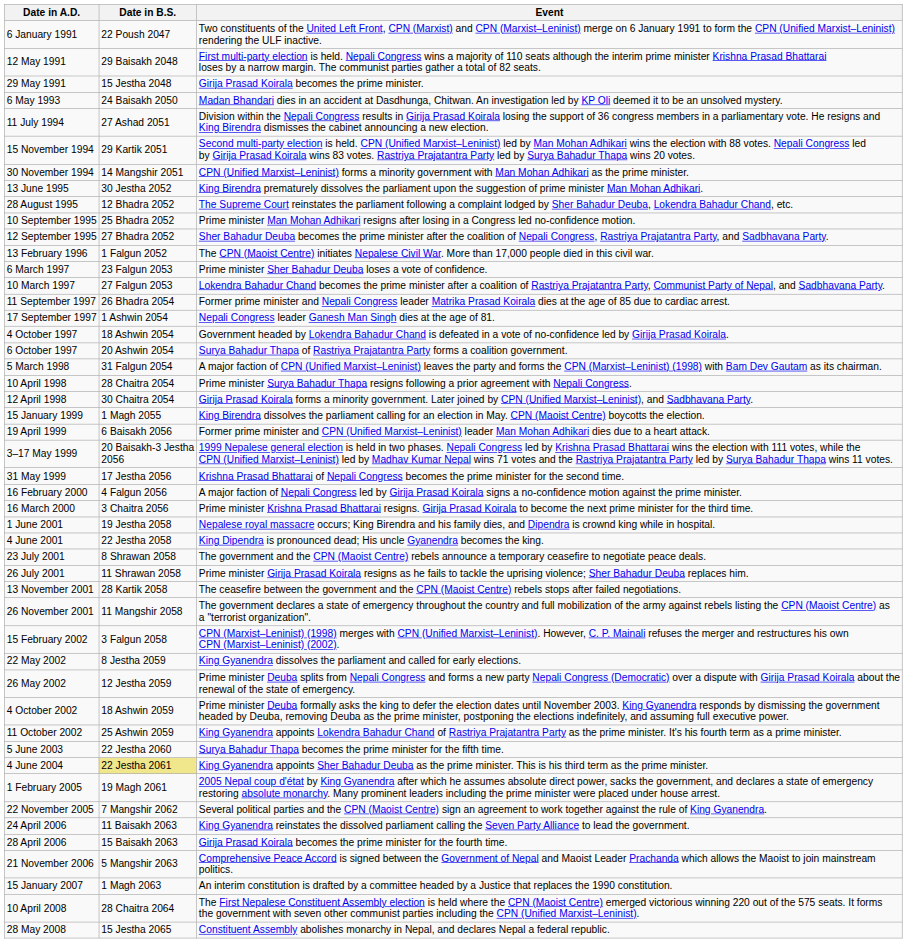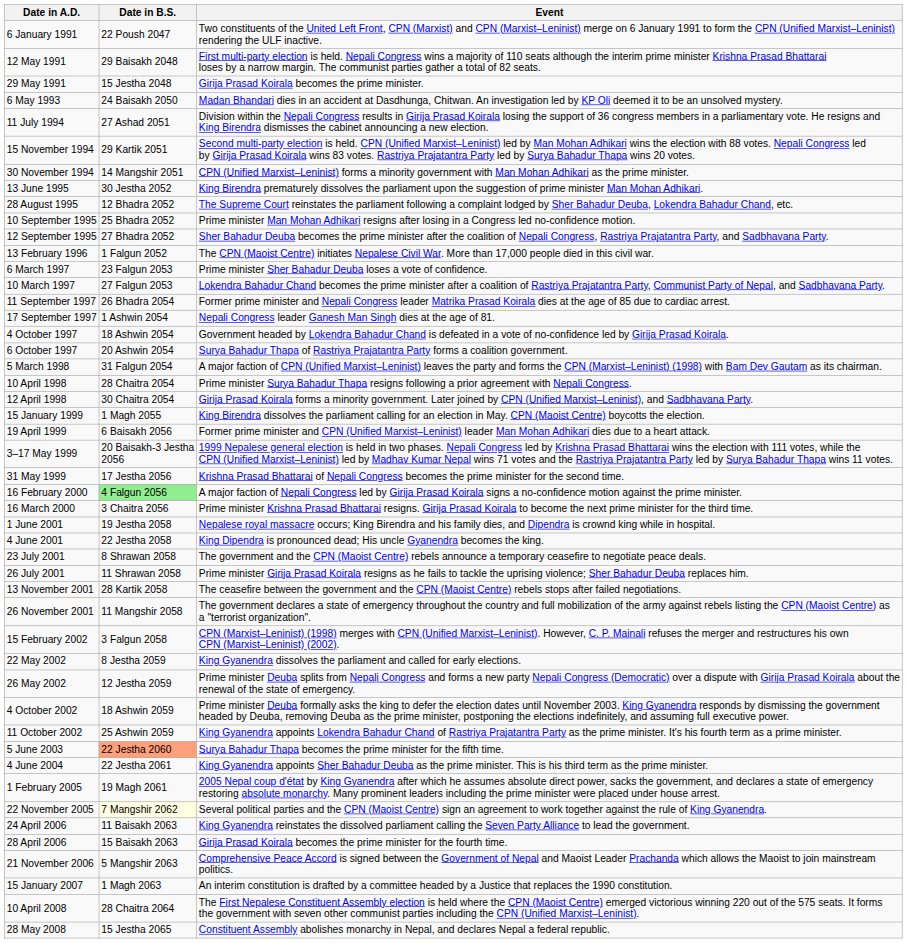 <table class="wikitable">
 <tr>
 <th>Date in A.D.</th>
 <th>Date in B.S.</th>
 <th>Event</th>
 </tr>
 <tr>
 <td>6 January 1991</td>
 <td>22 Poush 2047</td>
 <td>Two constituents of the <a href='#'>United Left Front</a>, <a href='#'>CPN (Marxist)</a> and <a href='#'>CPN (Marxist–Leninist)</a> merge on 6 January 1991 to form the <a href='#'>CPN (Unified Marxist–Leninist)</a><br>rendering the ULF inactive.</td>
 </tr>
 <tr>
 <td>12 May 1991</td>
 <td>29 Baisakh 2048</td>
 <td><a href='#'>First multi-party election</a> is held. <a href='#'>Nepali Congress</a> wins a majority of 110 seats although the interim prime minister <a href='#'>Krishna Prasad Bhattarai</a><br>loses by a narrow margin. The communist parties gather a total of 82 seats.</td>
 </tr>
 <tr>
 <td>29 May 1991</td>
 <td>15 Jestha 2048</td>
 <td><a href='#'>Girija Prasad Koirala</a> becomes the prime minister.</td>
 </tr>
 <tr>
 <td>6 May 1993</td>
 <td>24 Baisakh 2050</td>
 <td><a href='#'>Madan Bhandari</a> dies in an accident at Dasdhunga, Chitwan. An investigation led by <a href='#'>KP Oli</a> deemed it to be an unsolved mystery.</td>
 </tr>
 <tr>
 <td>11 July 1994</td>
 <td>27 Ashad 2051</td>
 <td>Division within the <a href='#'>Nepali Congress</a> results in <a href='#'>Girija Prasad Koirala</a> losing the support of 36 congress members in a parliamentary vote. He resigns and<br><a href='#'>King Birendra</a> dismisses the cabinet announcing a new election.</td>
 </tr>
 <tr>
 <td>15 November 1994</td>
 <td>29 Kartik 2051</td>
 <td><a href='#'>Second multi-party election</a> is held. <a href='#'>CPN (Unified Marxist–Leninist)</a> led by <a href='#'>Man Mohan Adhikari</a> wins the election with 88 votes. <a href='#'>Nepali Congress</a> led<br>by <a href='#'>Girija Prasad Koirala</a> wins 83 votes. <a href='#'>Rastriya Prajatantra Party</a> led by <a href='#'>Surya Bahadur Thapa</a> wins 20 votes.</td>
 </tr>
 <tr>
 <td>30 November 1994</td>
 <td>14 Mangshir 2051</td>
 <td><a href='#'>CPN (Unified Marxist–Leninist)</a> forms a minority government with <a href='#'>Man Mohan Adhikari</a> as the prime minister.</td>
 </tr>
 <tr>
 <td>13 June 1995</td>
 <td>30 Jestha 2052</td>
 <td><a href='#'>King Birendra</a> prematurely dissolves the parliament upon the suggestion of prime minister <a href='#'>Man Mohan Adhikari</a>.</td>
 </tr>
 <tr>
 <td>28 August 1995</td>
 <td>12 Bhadra 2052</td>
 <td><a href='#'>The Supreme Court</a> reinstates the parliament following a complaint lodged by <a href='#'>Sher Bahadur Deuba</a>, <a href='#'>Lokendra Bahadur Chand</a>, etc.</td>
 </tr>
 <tr>
 <td>10 September 1995</td>
 <td>25 Bhadra 2052</td>
 <td>Prime minister <a href='#'>Man Mohan Adhikari</a> resigns after losing in a Congress led no-confidence motion.</td>
 </tr>
 <tr>
 <td>12 September 1995</td>
 <td>27 Bhadra 2052</td>
 <td><a href='#'>Sher Bahadur Deuba</a> becomes the prime minister after the coalition of <a href='#'>Nepali Congress</a>, <a href='#'>Rastriya Prajatantra Party</a>, and <a href='#'>Sadbhavana Party</a>.</td>
 </tr>
 <tr>
 <td>13 February 1996</td>
 <td>1 Falgun 2052</td>
 <td>The <a href='#'>CPN (Maoist Centre)</a> initiates <a href='#'>Nepalese Civil War</a>. More than 17,000 people died in this civil war.</td>
 </tr>
 <tr>
 <td>6 March 1997</td>
 <td>23 Falgun 2053</td>
 <td>Prime minister <a href='#'>Sher Bahadur Deuba</a> loses a vote of confidence.</td>
 </tr>
 <tr>
 <td>10 March 1997</td>
 <td>27 Falgun 2053</td>
 <td><a href='#'>Lokendra Bahadur Chand</a> becomes the prime minister after a coalition of <a href='#'>Rastriya Prajatantra Party</a>, <a href='#'>Communist Party of Nepal</a>, and <a href='#'>Sadbhavana Party</a>.</td>
 </tr>
 <tr>
 <td>11 September 1997</td>
 <td>26 Bhadra 2054</td>
 <td>Former prime minister and <a href='#'>Nepali Congress</a> leader <a href='#'>Matrika Prasad Koirala</a> dies at the age of 85 due to cardiac arrest.</td>
 </tr>
 <tr>
 <td>17 September 1997</td>
 <td>1 Ashwin 2054</td>
 <td><a href='#'>Nepali Congress</a> leader <a href='#'>Ganesh Man Singh</a> dies at the age of 81.</td>
 </tr>
 <tr>
 <td>4 October 1997</td>
 <td>18 Ashwin 2054</td>
 <td>Government headed by <a href='#'>Lokendra Bahadur Chand</a> is defeated in a vote of no-confidence led by <a href='#'>Girija Prasad Koirala</a>.</td>
 </tr>
 <tr>
 <td>6 October 1997</td>
 <td>20 Ashwin 2054</td>
 <td><a href='#'>Surya Bahadur Thapa</a> of <a href='#'>Rastriya Prajatantra Party</a> forms a coalition government.</td>
 </tr>
 <tr>
 <td>5 March 1998</td>
 <td>31 Falgun 2054</td>
 <td>A major faction of <a href='#'>CPN (Unified Marxist–Leninist)</a> leaves the party and forms the <a href='#'>CPN (Marxist–Leninist) (1998)</a> with <a href='#'>Bam Dev Gautam</a> as its chairman.</td>
 </tr>
 <tr>
 <td>10 April 1998</td>
 <td>28 Chaitra 2054</td>
 <td>Prime minister <a href='#'>Surya Bahadur Thapa</a> resigns following a prior agreement with <a href='#'>Nepali Congress</a>.</td>
 </tr>
 <tr>
 <td>12 April 1998</td>
 <td>30 Chaitra 2054</td>
 <td><a href='#'>Girija Prasad Koirala</a> forms a minority government. Later joined by <a href='#'>CPN (Unified Marxist–Leninist)</a>, and <a href='#'>Sadbhavana Party</a>.</td>
 </tr>
 <tr>
 <td>15 January 1999</td>
 <td>1 Magh 2055</td>
 <td><a href='#'>King Birendra</a> dissolves the parliament calling for an election in May. <a href='#'>CPN (Maoist Centre)</a> boycotts the election.</td>
 </tr>
 <tr>
 <td>19 April 1999</td>
 <td>6 Baisakh 2056</td>
 <td>Former prime minister and <a href='#'>CPN (Unified Marxist–Leninist)</a> leader <a href='#'>Man Mohan Adhikari</a> dies due to a heart attack.</td>
 </tr>
 <tr>
 <td>3–17 May 1999</td>
 <td>20 Baisakh-3 Jestha<br>2056</td>
 <td><a href='#'>1999 Nepalese general election</a> is held in two phases. <a href='#'>Nepali Congress</a> led by <a href='#'>Krishna Prasad Bhattarai</a> wins the election with 111 votes, while the<br><a href='#'>CPN  (Unified Marxist–Leninist)</a> led by <a href='#'>Madhav Kumar Nepal</a> wins 71 votes and the <a href='#'>Rastriya Prajatantra Party</a> led by <a href='#'>Surya Bahadur Thapa</a> wins 11 votes.</td>
 </tr>
 <tr>
 <td>31 May 1999</td>
 <td>17 Jestha 2056</td>
 <td><a href='#'>Krishna Prasad Bhattarai</a> of <a href='#'>Nepali Congress</a> becomes the prime minister for the second time.</td>
 </tr>
 <tr>
 <td>16 February 2000</td>
-<td>4 Falgun 2056</td>
+<td style="background: lightgreen;">4 Falgun 2056</td>
 <td>A major faction of <a href='#'>Nepali Congress</a> led by <a href='#'>Girija Prasad Koirala</a> signs a no-confidence motion against the prime minister.</td>
 </tr>
 <tr>
 <td>16 March 2000</td>
 <td>3 Chaitra 2056</td>
 <td>Prime minister <a href='#'>Krishna Prasad Bhattarai</a> resigns. <a href='#'>Girija Prasad Koirala</a> to become the next prime minister for the third time.</td>
 </tr>
 <tr>
 <td>1 June 2001</td>
 <td>19 Jestha 2058</td>
 <td><a href='#'>Nepalese royal massacre</a> occurs; King Birendra and his family dies, and <a href='#'>Dipendra</a> is crownd king while in hospital.</td>
 </tr>
 <tr>
 <td>4 June 2001</td>
 <td>22 Jestha 2058</td>
 <td><a href='#'>King Dipendra</a> is pronounced dead; His uncle <a href='#'>Gyanendra</a> becomes the king.</td>
 </tr>
 <tr>
 <td>23 July 2001</td>
 <td>8 Shrawan 2058</td>
 <td>The government and the <a href='#'>CPN (Maoist Centre)</a> rebels announce a temporary ceasefire to negotiate peace deals.</td>
 </tr>
 <tr>
 <td>26 July 2001</td>
 <td>11 Shrawan 2058</td>
 <td>Prime minister <a href='#'>Girija Prasad Koirala</a> resigns as he fails to tackle the uprising violence; <a href='#'>Sher Bahadur Deuba</a> replaces him.</td>
 </tr>
 <tr>
 <td>13 November 2001</td>
 <td>28 Kartik 2058</td>
 <td>The ceasefire between the government and the <a href='#'>CPN (Maoist Centre)</a> rebels stops after failed negotiations.</td>
 </tr>
 <tr>
 <td>26 November 2001</td>
 <td>11 Mangshir 2058</td>
 <td>The government declares a state of emergency throughout the country and full mobilization of the army against rebels listing the <a href='#'>CPN (Maoist Centre)</a> as<br>a "terrorist organization".</td>
 </tr>
 <tr>
 <td>15 February 2002</td>
 <td>3 Falgun 2058</td>
 <td><a href='#'>CPN (Marxist–Leninist) (1998)</a> merges with <a href='#'>CPN (Unified Marxist–Leninist)</a>. However, <a href='#'>C. P. Mainali</a> refuses the merger and restructures his own<br><a href='#'>CPN (Marxist–Leninist) (2002)</a>.</td>
 </tr>
 <tr>
 <td>22 May 2002</td>
 <td>8 Jestha 2059</td>
 <td><a href='#'>King Gyanendra</a> dissolves the parliament and called for early elections.</td>
 </tr>
 <tr>
 <td>26 May 2002</td>
 <td>12 Jestha 2059</td>
 <td>Prime minister <a href='#'>Deuba</a> splits from <a href='#'>Nepali Congress</a> and forms a new party <a href='#'>Nepali Congress (Democratic)</a> over a dispute with <a href='#'>Girija Prasad Koirala</a> about the<br>renewal of the state of emergency.</td>
 </tr>
 <tr>
 <td>4 October 2002</td>
 <td>18 Ashwin 2059</td>
 <td>Prime minister <a href='#'>Deuba</a> formally asks the king to defer the election dates until November 2003. <a href='#'>King Gyanendra</a> responds by dismissing the government<br>headed by Deuba, removing Deuba as the prime minister, postponing the elections indefinitely, and assuming full executive power.</td>
 </tr>
 <tr>
 <td>11 October 2002</td>
 <td>25 Ashwin 2059</td>
 <td><a href='#'>King Gyanendra</a> appoints <a href='#'>Lokendra Bahadur Chand</a> of <a href='#'>Rastriya Prajatantra Party</a> as the prime minister. It's his fourth term as a prime minister.</td>
 </tr>
 <tr>
 <td>5 June 2003</td>
-<td>22 Jestha 2060</td>
+<td style="background: lightsalmon;">22 Jestha 2060</td>
 <td><a href='#'>Surya Bahadur Thapa</a> becomes the prime minister for the fifth time.</td>
 </tr>
 <tr>
 <td>4 June 2004</td>
-<td style="background: khaki;">22 Jestha 2061</td>
+<td>22 Jestha 2061</td>
 <td><a href='#'>King Gyanendra</a> appoints <a href='#'>Sher Bahadur Deuba</a> as the prime minister. This is his third term as the prime minister.</td>
 </tr>
 <tr>
 <td>1 February 2005</td>
 <td>19 Magh 2061</td>
 <td><a href='#'>2005 Nepal coup d'état</a> by <a href='#'>King Gyanendra</a> after which he assumes absolute direct power, sacks the government, and declares a state of emergency<br>restoring <a href='#'>absolute monarchy</a>. Many prominent leaders including the prime minister were placed under house arrest.</td>
 </tr>
 <tr>
 <td>22 November 2005</td>
-<td>7 Mangshir 2062</td>
+<td style="background: lightyellow;">7 Mangshir 2062</td>
 <td>Several political parties and the <a href='#'>CPN (Maoist Centre)</a> sign an agreement to work together against the rule of <a href='#'>King Gyanendra</a>.</td>
 </tr>
 <tr>
 <td>24 April 2006</td>
 <td>11 Baisakh 2063</td>
 <td><a href='#'>King Gyanendra</a> reinstates the dissolved parliament calling the <a href='#'>Seven Party Alliance</a> to lead the government.</td>
 </tr>
 <tr>
 <td>28 April 2006</td>
 <td>15 Baisakh 2063</td>
 <td><a href='#'>Girija Prasad Koirala</a> becomes the prime minister for the fourth time.</td>
 </tr>
 <tr>
 <td>21 November 2006</td>
 <td>5 Mangshir 2063</td>
 <td><a href='#'>Comprehensive Peace Accord</a> is signed between the <a href='#'>Government of Nepal</a> and Maoist Leader <a href='#'>Prachanda</a> which allows the Maoist to join mainstream<br>politics.</td>
 </tr>
 <tr>
 <td>15 January 2007</td>
 <td>1 Magh 2063</td>
 <td>An interim constitution is drafted by a committee headed by a Justice that replaces the 1990 constitution.</td>
 </tr>
 <tr>
 <td>10 April 2008</td>
 <td>28 Chaitra 2064</td>
 <td>The <a href='#'>First Nepalese Constituent Assembly election</a> is held where the <a href='#'>CPN (Maoist Centre)</a> emerged victorious winning 220 out of the 575 seats. It forms<br>the government with seven other communist parties including the <a href='#'>CPN (Unified Marxist–Leninist)</a>.</td>
 </tr>
 <tr>
 <td>28 May 2008</td>
 <td>15 Jestha 2065</td>
 <td><a href='#'>Constituent Assembly</a> abolishes monarchy in Nepal, and declares Nepal a federal republic.</td>
 </tr>
 </table>
